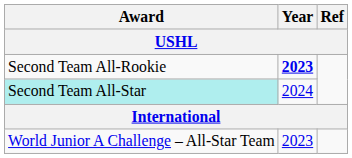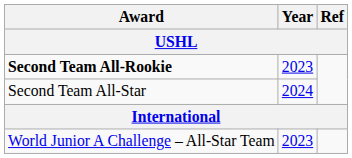 <table class="wikitable">
 <tr>
 <th>Award</th>
 <th>Year</th>
 <th>Ref</th>
 </tr>
 <tr>
 <th colspan="3"><a href='#'>USHL</a></th>
 </tr>
 <tr>
-<td>Second Team All-Rookie</td>
-<td><strong><a href='#'>2023</a></strong></td>
+<td><strong>Second Team All-Rookie</strong></td>
+<td><a href='#'>2023</a></td>
 <td rowspan="2"></td>
 </tr>
 <tr>
-<td style="background: paleturquoise;">Second Team All-Star</td>
+<td>Second Team All-Star</td>
 <td><a href='#'>2024</a></td>
 </tr>
 <tr>
 <th colspan="3"><a href='#'>International</a></th>
 </tr>
 <tr>
 <td><a href='#'>World Junior A Challenge</a> – All-Star Team</td>
 <td><a href='#'>2023</a></td>
 <td></td>
 </tr>
 </table>
